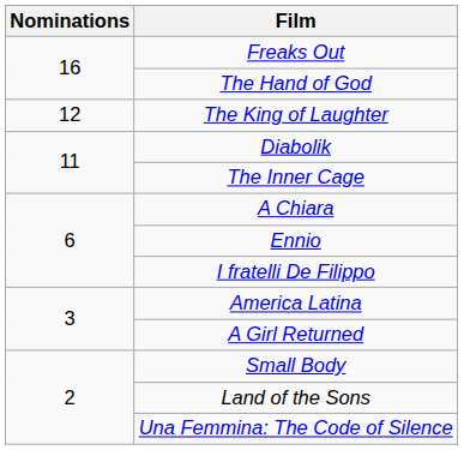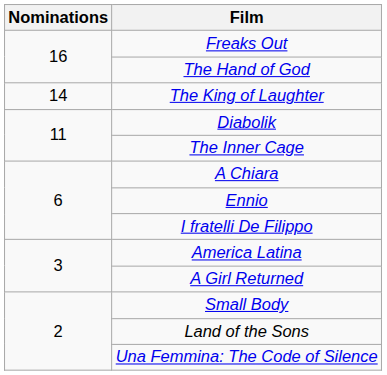 <table class="wikitable plainrowheaders" rowspan=2 style="text-align: center;" border="2" background: #f6e39c;>
 <tr>
 <th scope="col" style="width:55px;">Nominations</th>
 <th scope="col" style="text-align:center;">Film</th>
 </tr>
 <tr>
 <td rowspan="2">16</td>
 <td><em><a href='#'>Freaks Out</a></em></td>
 </tr>
 <tr>
 <td><em><a href='#'>The Hand of God</a></em></td>
 </tr>
 <tr>
-<td>12</td>
+<td>14</td>
 <td><em><a href='#'>The King of Laughter</a></em></td>
 </tr>
 <tr>
 <td rowspan="2">11</td>
 <td><em><a href='#'>Diabolik</a></em></td>
 </tr>
 <tr>
 <td><em><a href='#'>The Inner Cage</a></em></td>
 </tr>
 <tr>
 <td rowspan="3">6</td>
 <td><em><a href='#'>A Chiara</a></em></td>
 </tr>
 <tr>
 <td><em><a href='#'>Ennio</a></em></td>
 </tr>
 <tr>
 <td><em><a href='#'>I fratelli De Filippo</a></em></td>
 </tr>
 <tr>
 <td rowspan="2">3</td>
 <td><em><a href='#'>America Latina</a></em></td>
 </tr>
 <tr>
 <td><em><a href='#'>A Girl Returned</a></em></td>
 </tr>
 <tr>
 <td rowspan="3">2</td>
 <td><em><a href='#'>Small Body</a></em></td>
 </tr>
 <tr>
 <td><em>Land of the Sons</em></td>
 </tr>
 <tr>
 <td><em><a href='#'>Una Femmina: The Code of Silence</a></em></td>
 </tr>
 </table>
